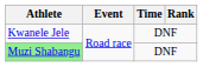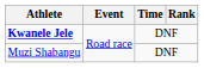 <table class=wikitable style="font-size:90%;">
 <tr>
 <th>Athlete</th>
 <th>Event</th>
 <th>Time</th>
 <th>Rank</th>
 </tr>
 <tr align=center>
-<td align=left><a href='#'>Kwanele Jele</a></td>
+<td align=left><strong><a href='#'>Kwanele Jele</a></strong></td>
 <td align=left rowspan=2><a href='#'>Road race</a></td>
 <td colspan="2">DNF</td>
 </tr>
 <tr align=center>
-<td align=left style="background: lightgreen;"><a href='#'>Muzi Shabangu</a></td>
+<td align=left><a href='#'>Muzi Shabangu</a></td>
 <td colspan="2">DNF</td>
 </tr>
 </table>
